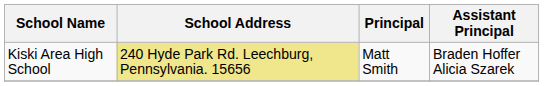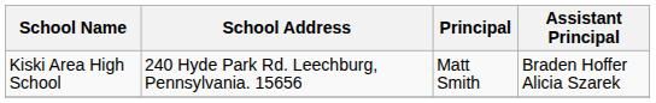 <table class="wikitable">
 <tr>
 <th>School Name</th>
 <th>School Address</th>
 <th>Principal</th>
 <th>Assistant Principal</th>
 </tr>
 <tr>
 <td>Kiski Area High School</td>
-<td style="background: khaki;">240 Hyde Park Rd. Leechburg, Pennsylvania. 15656</td>
+<td>240 Hyde Park Rd. Leechburg, Pennsylvania. 15656</td>
 <td>Matt Smith</td>
 <td>Braden Hoffer<br>Alicia Szarek</td>
 </tr>
 <tr>
 </tr>
 </table>
